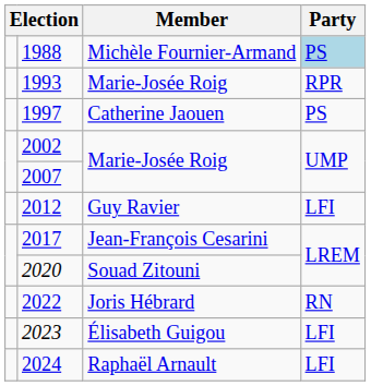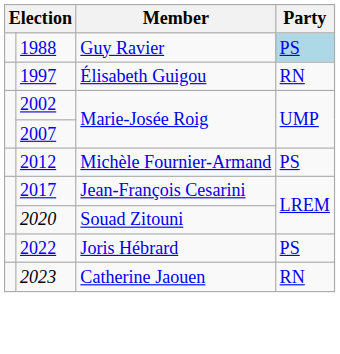 <table class="wikitable">
 <tr>
 <th colspan=2>Election</th>
 <th>Member</th>
 <th>Party</th>
 </tr>
 <tr>
 <td style="background-color: "></td>
 <td><a href='#'>1988</a></td>
-<td><a href='#'>Michèle Fournier-Armand</a></td>
+<td><a href='#'>Guy Ravier</a></td>
 <td style="background: lightblue;"><a href='#'>PS</a></td>
 </tr>
 <tr>
 <td style="background-color: "></td>
-<td><a href='#'>1993</a></td>
-<td><a href='#'>Marie-Josée Roig</a></td>
-<td><a href='#'>RPR</a></td>
-</tr>
-<tr>
-<td style="background-color: "></td>
 <td><a href='#'>1997</a></td>
-<td><a href='#'>Catherine Jaouen</a></td>
-<td><a href='#'>PS</a></td>
+<td><a href='#'>Élisabeth Guigou</a></td>
+<td><a href='#'>RN</a></td>
 </tr>
 <tr>
 <td rowspan="2" style="background-color: "></td>
 <td><a href='#'>2002</a></td>
 <td rowspan="2"><a href='#'>Marie-Josée Roig</a></td>
 <td rowspan="2"><a href='#'>UMP</a></td>
 </tr>
 <tr>
 <td><a href='#'>2007</a></td>
 </tr>
 <tr>
 <td style="background-color: "></td>
 <td><a href='#'>2012</a></td>
-<td><a href='#'>Guy Ravier</a></td>
-<td><a href='#'>LFI</a></td>
+<td><a href='#'>Michèle Fournier-Armand</a></td>
+<td><a href='#'>PS</a></td>
 </tr>
 <tr>
 <td rowspan=2 style="background-color: "></td>
 <td><a href='#'>2017</a></td>
 <td><a href='#'>Jean-François Cesarini</a></td>
 <td rowspan=2><a href='#'>LREM</a></td>
 </tr>
 <tr>
 <td><em>2020</em></td>
 <td><a href='#'>Souad Zitouni</a></td>
 </tr>
 <tr>
 <td style="background-color: "></td>
 <td><a href='#'>2022</a></td>
 <td><a href='#'>Joris Hébrard</a></td>
-<td><a href='#'>RN</a></td>
+<td><a href='#'>PS</a></td>
 </tr>
 <tr>
 <td style="background-color: "></td>
 <td><em>2023</em></td>
-<td><a href='#'>Élisabeth Guigou</a></td>
-<td><a href='#'>LFI</a></td>
-</tr>
-<tr>
-<td style="background-color: "></td>
-<td><a href='#'>2024</a></td>
-<td><a href='#'>Raphaël Arnault</a></td>
-<td><a href='#'>LFI</a></td>
+<td><a href='#'>Catherine Jaouen</a></td>
+<td><a href='#'>RN</a></td>
 </tr>
 </table>
